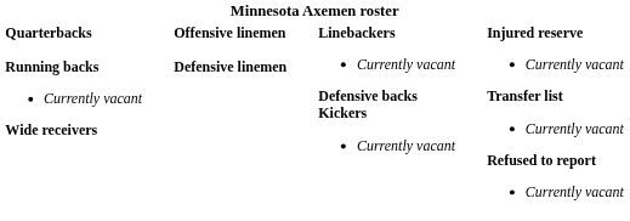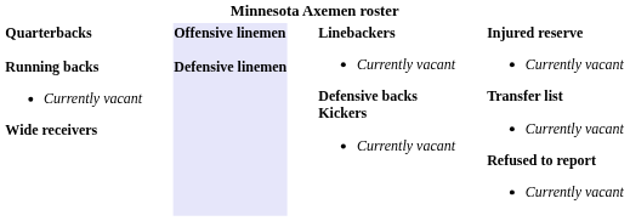 <table class="toccolours" style="text-align: left;">
 <tr>
 <th colspan="7" style="text-align:center; ">Minnesota Axemen roster</th>
 </tr>
 <tr>
 <td style="font-size: 95%;vertical-align:top;"><strong>Quarterbacks</strong><br><br><strong>Running backs</strong><ul><li><em>Currently vacant</em></li></ul><strong>Wide receivers</strong>    </td>
 <td style="width: 25px;"></td>
-<td style="font-size: 95%;vertical-align:top;"><strong>Offensive linemen</strong><br>   <br><strong>Defensive linemen</strong>  </td>
+<td style="background: lavender; font-size: 95%;vertical-align:top;"><strong>Offensive linemen</strong><br>   <br><strong>Defensive linemen</strong>  </td>
 <td style="width: 25px;"></td>
 <td style="font-size: 95%;vertical-align:top;"><strong>Linebackers</strong><br><ul><li><em>Currently vacant</em></li></ul><strong>Defensive backs</strong>   <br><strong>Kickers</strong><ul><li><em>Currently vacant</em></li></ul></td>
 <td style="width: 25px;"></td>
 <td style="font-size: 95%;vertical-align:top;"><strong>Injured reserve</strong><br><ul><li><em>Currently vacant</em></li></ul><strong>Transfer list</strong><ul><li><em>Currently vacant</em></li></ul><strong>Refused to report</strong><ul><li><em>Currently vacant</em></li></ul></td>
 </tr>
 <tr>
 </tr>
 </table>
